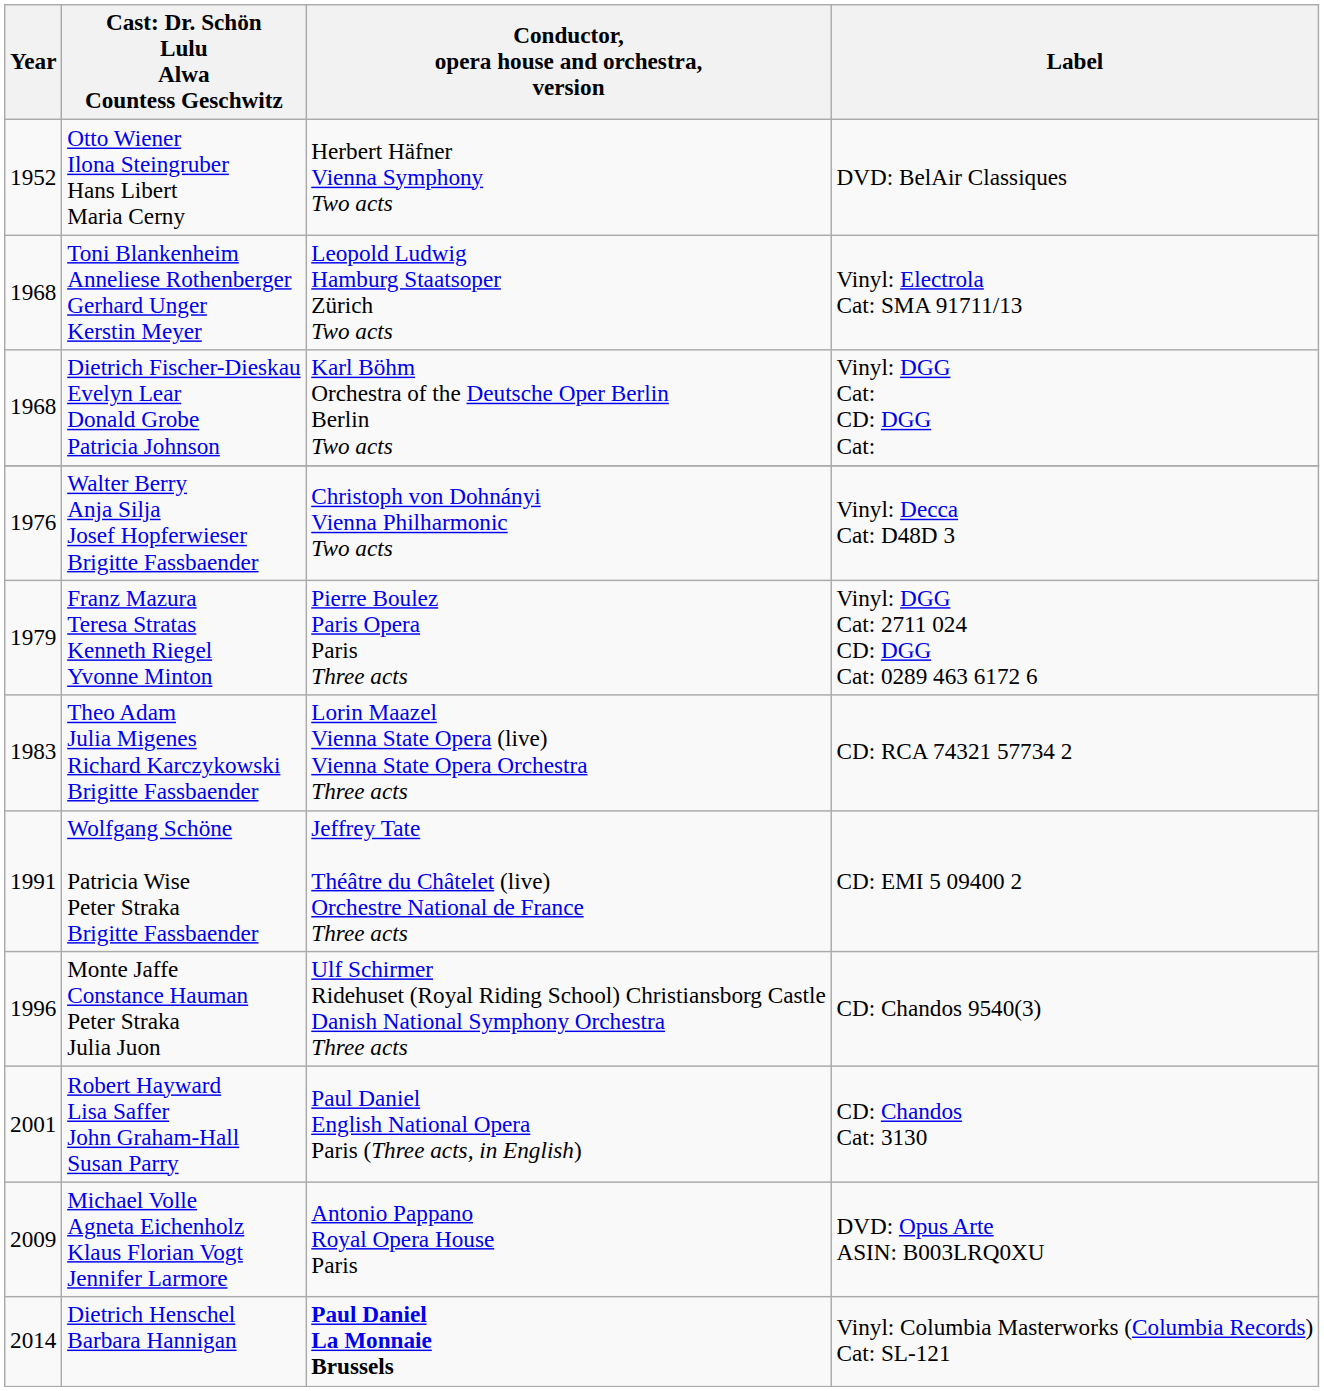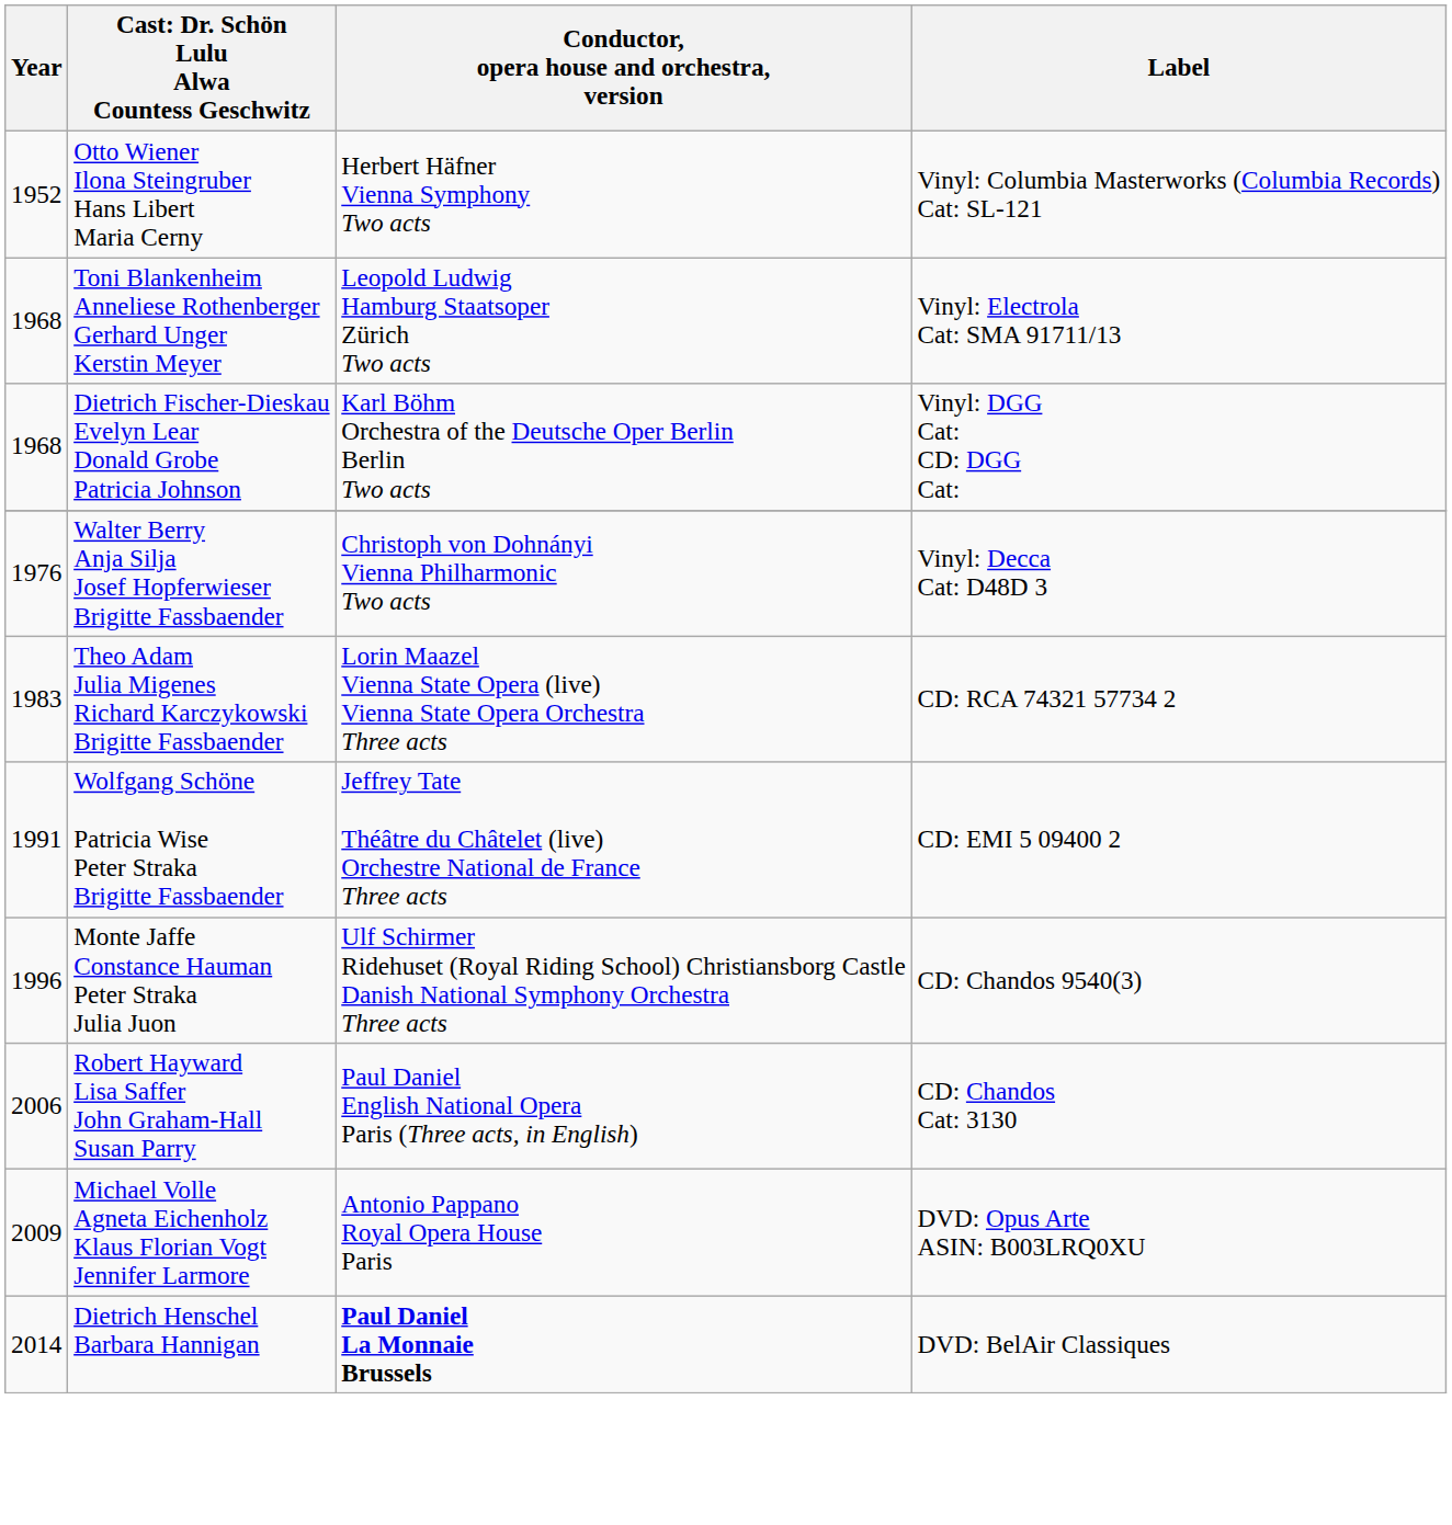 <table class="wikitable">
 <tr>
 <th>Year</th>
 <th>Cast: Dr. Schön<br>Lulu<br>Alwa<br>Countess Geschwitz</th>
 <th>Conductor,<br>opera house and orchestra,<br>version</th>
 <th>Label</th>
 </tr>
 <tr>
 <td>1952</td>
 <td><a href='#'>Otto Wiener</a><br><a href='#'>Ilona Steingruber</a><br>Hans Libert<br>Maria Cerny</td>
 <td>Herbert Häfner<br><a href='#'>Vienna Symphony</a><br><em>Two acts</em></td>
-<td>DVD: BelAir Classiques<br></td>
+<td>Vinyl: Columbia Masterworks (<a href='#'>Columbia Records</a>)<br>Cat: SL-121</td>
 </tr>
 <tr>
 <td>1968</td>
 <td><a href='#'>Toni Blankenheim</a><br><a href='#'>Anneliese Rothenberger</a><br><a href='#'>Gerhard Unger</a><br><a href='#'>Kerstin Meyer</a></td>
 <td><a href='#'>Leopold Ludwig</a><br><a href='#'>Hamburg Staatsoper</a><br>Zürich<br><em>Two acts</em></td>
 <td>Vinyl: <a href='#'>Electrola</a><br>Cat: SMA 91711/13</td>
 </tr>
 <tr>
 <td>1968</td>
 <td><a href='#'>Dietrich Fischer-Dieskau</a><br><a href='#'>Evelyn Lear</a><br><a href='#'>Donald Grobe</a><br><a href='#'>Patricia Johnson</a></td>
 <td><a href='#'>Karl Böhm</a><br>Orchestra of the <a href='#'>Deutsche Oper Berlin</a><br>Berlin<br><em>Two acts</em></td>
 <td>Vinyl: <a href='#'>DGG</a><br>Cat: <br>CD: <a href='#'>DGG</a><br>Cat:</td>
 </tr>
 <tr>
 </tr>
 <tr>
 <td>1976</td>
 <td><a href='#'>Walter Berry</a><br><a href='#'>Anja Silja</a><br><a href='#'>Josef Hopferwieser</a><br><a href='#'>Brigitte Fassbaender</a></td>
 <td><a href='#'>Christoph von Dohnányi</a><br><a href='#'>Vienna Philharmonic</a><br><em>Two acts</em></td>
 <td>Vinyl: <a href='#'>Decca</a><br>Cat: D48D 3</td>
 </tr>
 <tr>
-<td>1979</td>
-<td><a href='#'>Franz Mazura</a><br><a href='#'>Teresa Stratas</a><br><a href='#'>Kenneth Riegel</a><br><a href='#'>Yvonne Minton</a></td>
-<td><a href='#'>Pierre Boulez</a><br><a href='#'>Paris Opera</a><br>Paris<br><em>Three acts</em></td>
-<td>Vinyl: <a href='#'>DGG</a><br>Cat: 2711 024<br>CD: <a href='#'>DGG</a><br>Cat: 0289 463 6172 6</td>
-</tr>
-<tr>
 <td>1983</td>
 <td><a href='#'>Theo Adam</a><br><a href='#'>Julia Migenes</a><br><a href='#'>Richard Karczykowski</a><br><a href='#'>Brigitte Fassbaender</a></td>
 <td><a href='#'>Lorin Maazel</a><br><a href='#'>Vienna State Opera</a> (live)<br><a href='#'>Vienna State Opera Orchestra</a><br><em>Three acts</em></td>
 <td>CD: RCA 74321 57734 2</td>
 </tr>
 <tr>
 <td>1991</td>
 <td><a href='#'>Wolfgang Schöne</a><br><br>Patricia Wise<br> Peter Straka<br> <a href='#'>Brigitte Fassbaender</a><br></td>
 <td><a href='#'>Jeffrey Tate</a><br><br><a href='#'>Théâtre du Châtelet</a> (live)<br> <a href='#'>Orchestre National de France</a><br> <em>Three acts</em></td>
 <td>CD: EMI 5 09400 2</td>
 </tr>
 <tr>
 <td>1996</td>
 <td>Monte Jaffe<br><a href='#'>Constance Hauman</a><br>Peter Straka<br>Julia Juon</td>
 <td><a href='#'>Ulf Schirmer</a><br>Ridehuset (Royal Riding School) Christiansborg Castle<br><a href='#'>Danish National Symphony Orchestra</a><br><em>Three acts</em></td>
 <td>CD: Chandos 9540(3)</td>
 </tr>
 <tr>
-<td>2001</td>
+<td>2006</td>
 <td><a href='#'>Robert Hayward</a><br><a href='#'>Lisa Saffer</a><br><a href='#'>John Graham-Hall</a><br><a href='#'>Susan Parry</a></td>
 <td><a href='#'>Paul Daniel</a><br><a href='#'>English National Opera</a><br>Paris (<em>Three acts, in English</em>)</td>
 <td>CD: <a href='#'>Chandos</a><br>Cat: 3130</td>
 </tr>
 <tr>
 <td>2009</td>
 <td><a href='#'>Michael Volle</a><br><a href='#'>Agneta Eichenholz</a><br><a href='#'>Klaus Florian Vogt</a><br><a href='#'>Jennifer Larmore</a></td>
 <td><a href='#'>Antonio Pappano</a><br><a href='#'>Royal Opera House</a><br>Paris</td>
 <td>DVD: <a href='#'>Opus Arte</a><br>ASIN: B003LRQ0XU</td>
 </tr>
 <tr>
 <td>2014</td>
 <td><a href='#'>Dietrich Henschel</a><br><a href='#'>Barbara Hannigan</a><br><br></td>
 <td><strong><a href='#'>Paul Daniel</a><br><a href='#'>La Monnaie</a><br>Brussels</strong></td>
-<td>Vinyl: Columbia Masterworks (<a href='#'>Columbia Records</a>)<br>Cat: SL-121</td>
+<td>DVD: BelAir Classiques<br></td>
 </tr>
 </table>
